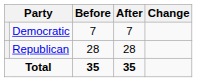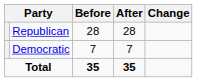 <table class="wikitable" style="text-align:center;">
 <tr>
 <th colspan="2">Party</th>
 <th>Before</th>
 <th>After</th>
 <th>Change</th>
 </tr>
 <tr>
 <th style="background-color:"></th>
-<td style="text-align:left;"><a href='#'>Democratic</a></td>
-<td>7</td>
-<td>7</td>
+<td style="text-align:left;"><a href='#'>Republican</a></td>
+<td>28</td>
+<td>28</td>
 <td></td>
 </tr>
 <tr>
 <th style="background-color:"></th>
-<td style="text-align:left;"><a href='#'>Republican</a></td>
-<td>28</td>
-<td>28</td>
+<td style="text-align:left;"><a href='#'>Democratic</a></td>
+<td>7</td>
+<td>7</td>
 <td></td>
 </tr>
 <tr>
 <td colspan="2"><strong>Total</strong></td>
 <td><strong>35</strong></td>
 <td><strong>35</strong></td>
 <td></td>
 </tr>
 </table>
